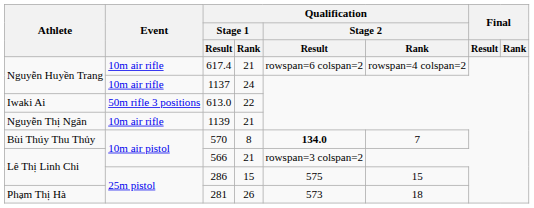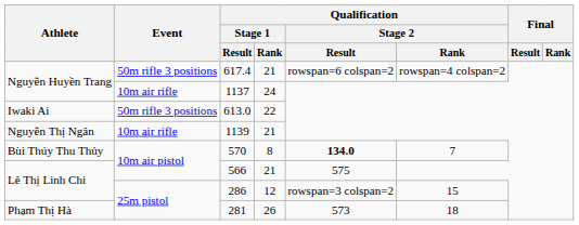 <table class=wikitable style="font-size:90%;text-align:center">
 <tr>
 <th rowspan=3>Athlete</th>
 <th rowspan=3>Event</th>
 <th colspan=4>Qualification</th>
 <th rowspan=2 colspan=2>Final</th>
 </tr>
 <tr style="font-size:95%">
 <th colspan=2>Stage 1</th>
 <th colspan=2>Stage 2</th>
 </tr>
 <tr style="font-size:90%">
 <th>Result</th>
 <th>Rank</th>
 <th>Result</th>
 <th>Rank</th>
 <th>Result</th>
 <th>Rank</th>
 </tr>
 <tr>
 <td rowspan=2 align=left>Nguyễn Huyền Trang</td>
-<td align=left><a href='#'>10m air rifle</a></td>
+<td align=left><a href='#'>50m rifle 3 positions</a></td>
 <td>617.4</td>
 <td>21</td>
 <td>rowspan=6 colspan=2</td>
 <td>rowspan=4 colspan=2</td>
 </tr>
 <tr>
 <td align=left><a href='#'>10m air rifle</a></td>
 <td>1137</td>
 <td>24</td>
 </tr>
 <tr>
 <td align=left>Iwaki Ai</td>
 <td align=left><a href='#'>50m rifle 3 positions</a></td>
 <td>613.0</td>
 <td>22</td>
 </tr>
 <tr>
 <td align=left>Nguyễn Thị Ngân</td>
 <td align=left><a href='#'>10m air rifle</a></td>
 <td>1139</td>
 <td>21</td>
 </tr>
 <tr>
 <td align=left>Bùi Thúy Thu Thủy</td>
 <td rowspan=2 align=left><a href='#'>10m air pistol</a></td>
 <td>570</td>
 <td>8 <strong></strong></td>
 <td><strong>134.0</strong></td>
 <td>7</td>
 </tr>
 <tr>
 <td rowspan=2 align=left>Lê Thị Linh Chi</td>
 <td>566</td>
 <td>21</td>
-<td>rowspan=3 colspan=2</td>
+<td>575</td>
 </tr>
 <tr>
 <td rowspan=2 align=left><a href='#'>25m pistol</a></td>
 <td>286</td>
-<td>15</td>
-<td>575</td>
+<td>12</td>
+<td>rowspan=3 colspan=2</td>
 <td>15</td>
 </tr>
 <tr>
 <td align=left>Phạm Thị Hà</td>
 <td>281</td>
 <td>26</td>
 <td>573</td>
 <td>18</td>
 </tr>
 </table>
